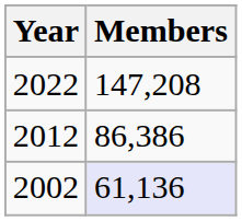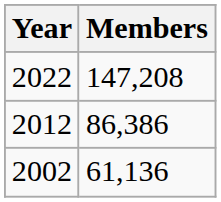 <table class="wikitable">
 <tr>
 <th>Year</th>
 <th>Members</th>
 </tr>
 <tr>
 <td>2022</td>
 <td>147,208</td>
 </tr>
 <tr>
 <td>2012</td>
 <td>86,386</td>
 </tr>
 <tr>
 <td>2002</td>
-<td style="background: lavender;">61,136</td>
+<td>61,136</td>
 </tr>
 </table>
